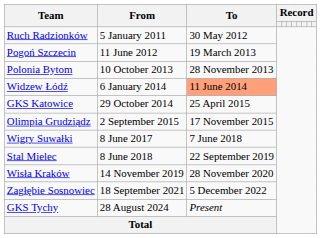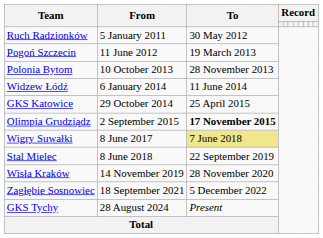 <table class="wikitable" style="text-align: center;">
 <tr>
 <th rowspan="2">Team</th>
 <th rowspan="2">From</th>
 <th rowspan="2">To</th>
 <th colspan="8">Record</th>
 </tr>
 <tr>
 <th></th>
 <th></th>
 <th></th>
 <th></th>
 <th></th>
 <th></th>
 <th></th>
 <th></th>
 </tr>
 <tr>
 <td align=left><a href='#'>Ruch Radzionków</a></td>
 <td align=left>5 January 2011</td>
 <td align=left>30 May 2012<br></td>
 </tr>
 <tr>
 <td align=left><a href='#'>Pogoń Szczecin</a></td>
 <td align=left>11 June 2012</td>
 <td align=left>19 March 2013<br></td>
 </tr>
 <tr>
 <td align=left><a href='#'>Polonia Bytom</a></td>
 <td align=left>10 October 2013</td>
 <td align=left>28 November 2013<br></td>
 </tr>
 <tr>
 <td align=left><a href='#'>Widzew Łódź</a></td>
 <td align=left>6 January 2014</td>
-<td align=left style="background: lightsalmon;">11 June 2014<br></td>
+<td align=left>11 June 2014<br></td>
 </tr>
 <tr>
 <td align=left><a href='#'>GKS Katowice</a></td>
 <td align=left>29 October 2014</td>
 <td align=left>25 April 2015<br></td>
 </tr>
 <tr>
 <td align=left><a href='#'>Olimpia Grudziądz</a></td>
 <td align=left>2 September 2015</td>
-<td align=left>17 November 2015<br></td>
+<td align=left><strong>17 November 2015<br></strong></td>
 </tr>
 <tr>
 <td align=left><a href='#'>Wigry Suwałki</a></td>
 <td align=left>8 June 2017</td>
-<td align=left>7 June 2018<br></td>
+<td align=left style="background: khaki;">7 June 2018<br></td>
 </tr>
 <tr>
 <td align=left><a href='#'>Stal Mielec</a></td>
 <td align=left>8 June 2018</td>
 <td align=left>22 September 2019<br></td>
 </tr>
 <tr>
 <td align=left><a href='#'>Wisła Kraków</a></td>
 <td align=left>14 November 2019</td>
 <td align=left>28 November 2020<br></td>
 </tr>
 <tr>
 <td align=left><a href='#'>Zagłębie Sosnowiec</a></td>
 <td align=left>18 September 2021</td>
 <td align=left>5 December 2022<br></td>
 </tr>
 <tr>
 <td align=left><a href='#'>GKS Tychy</a></td>
 <td align=left>28 August 2024</td>
 <td align=left><em>Present</em><br></td>
 </tr>
 <tr>
 <th colspan="3">Total<br></th>
 </tr>
 </table>
